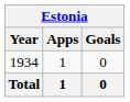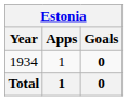 <table class="wikitable" style="text-align:center">
 <tr>
 <th colspan=3><a href='#'>Estonia</a></th>
 </tr>
 <tr>
 <th>Year</th>
 <th>Apps</th>
 <th>Goals</th>
 </tr>
 <tr>
 <td>1934</td>
 <td>1</td>
-<td>0</td>
+<td><strong>0</strong></td>
 </tr>
 <tr>
 <th>Total</th>
 <th>1</th>
 <th>0</th>
 </tr>
 </table>
